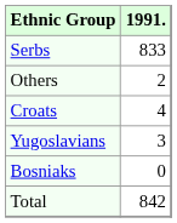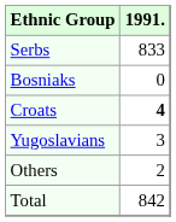 <table border=1 cellpadding=4 cellspacing=0 class="toccolours" style="align: left; margin: 0.5em 0 0 0; border-style: solid; border: 1px solid #999; border-right-width: 2px; border-bottom-width: 2px; border-collapse: collapse; font-size: 100%;">
 <tr>
 <td style="background:#ddffdd;"><strong>Ethnic Group</strong></td>
 <td colspan=1 style="background:#ddffdd;" align="center"><strong>1991.</strong></td>
 </tr>
 <tr>
 <td style="background:#f3fff3;"><a href='#'>Serbs</a></td>
 <td align="right">833</td>
 </tr>
 <tr>
-<td style="background:#f3fff3;">Others</td>
-<td align="right">2</td>
+<td style="background:#f3fff3;"><a href='#'>Bosniaks</a></td>
+<td align="right">0</td>
 </tr>
 <tr>
 <td style="background:#f3fff3;"><a href='#'>Croats</a></td>
-<td align="right">4</td>
+<td align="right"><strong>4</strong></td>
 </tr>
 <tr>
 <td style="background:#f3fff3;"><a href='#'>Yugoslavians</a></td>
 <td align="right">3</td>
 </tr>
 <tr>
-<td style="background:#f3fff3;"><a href='#'>Bosniaks</a></td>
-<td align="right">0</td>
+<td style="background:#f3fff3;">Others</td>
+<td align="right">2</td>
 </tr>
 <tr>
 <td style="background:#f3fff3;">Total</td>
 <td align="right">842</td>
 </tr>
 </table>
